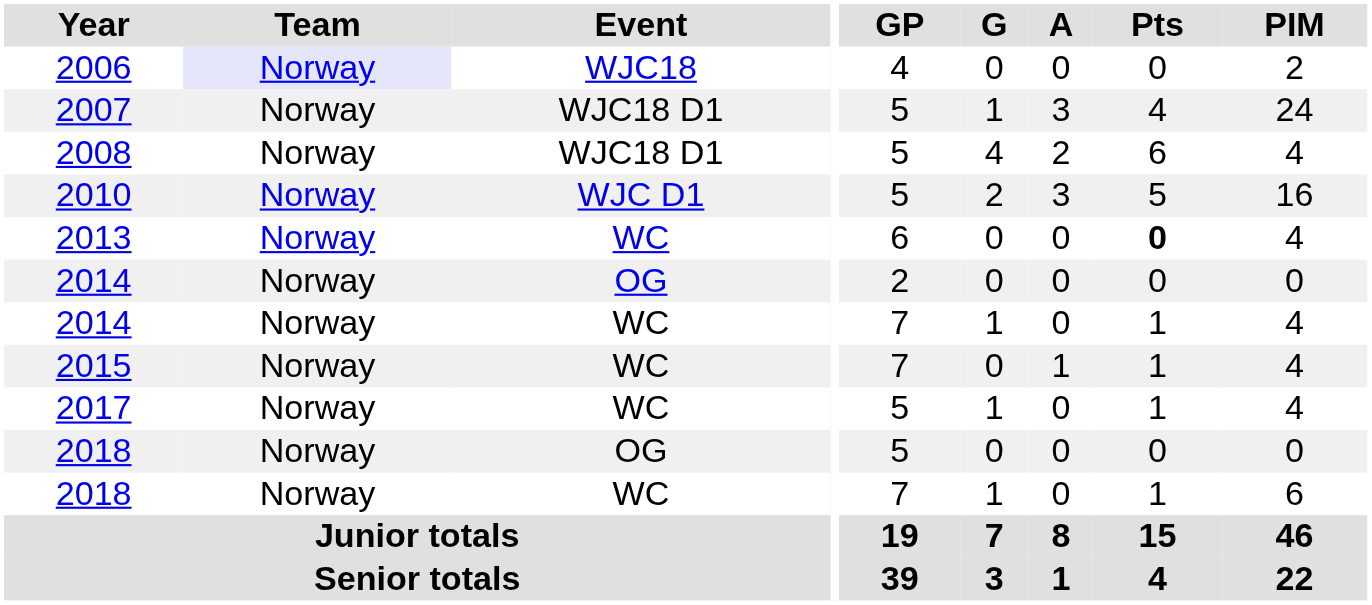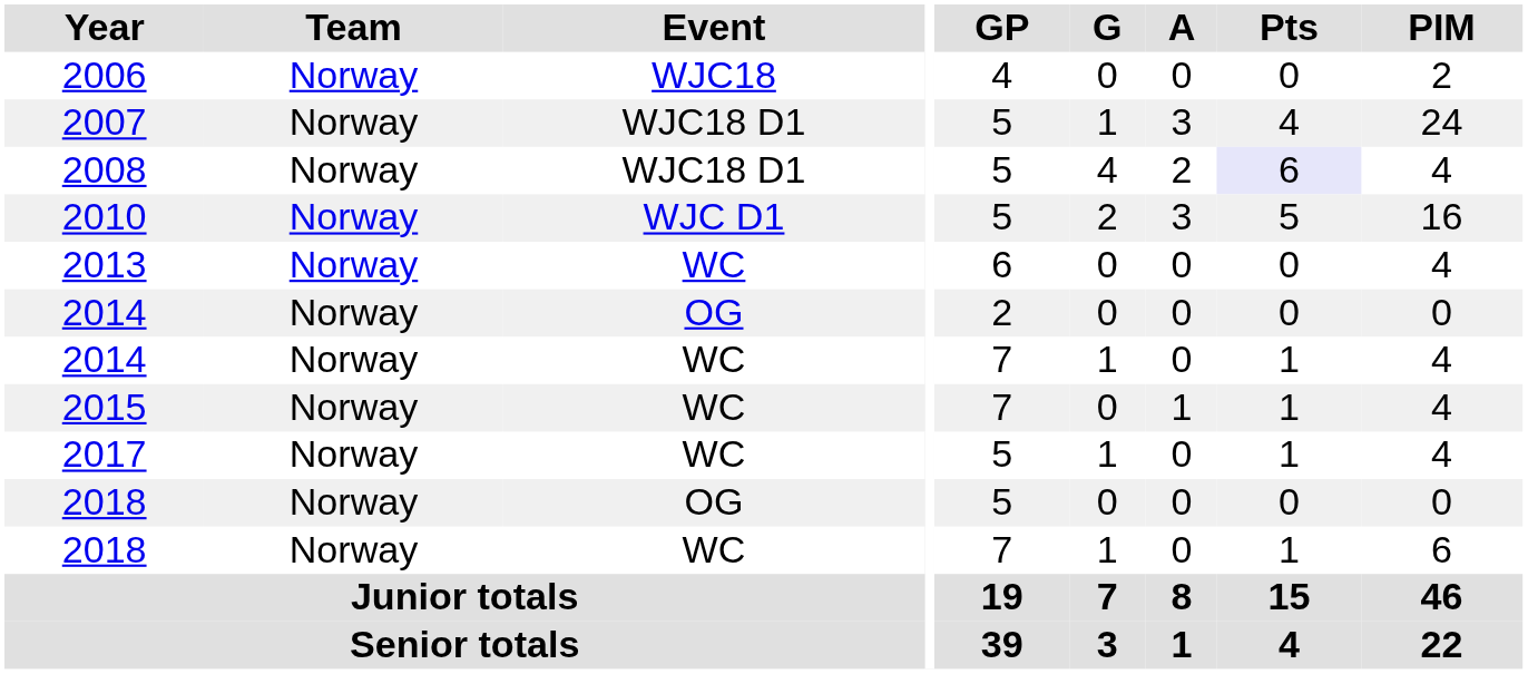 <table border="0" cellpadding="1" cellspacing="0" ID="Table3" style="text-align:center; width:40em">
 <tr ALIGN="center" bgcolor="#e0e0e0">
 <th>Year</th>
 <th>Team</th>
 <th>Event</th>
 <th rowspan="99" bgcolor="#ffffff"></th>
 <th>GP</th>
 <th>G</th>
 <th>A</th>
 <th>Pts</th>
 <th>PIM</th>
 </tr>
 <tr>
 <td><a href='#'>2006</a></td>
-<td style="background: lavender;"><a href='#'>Norway</a></td>
+<td><a href='#'>Norway</a></td>
 <td><a href='#'>WJC18</a></td>
 <td>4</td>
 <td>0</td>
 <td>0</td>
 <td>0</td>
 <td>2</td>
 </tr>
 <tr bgcolor="#f0f0f0">
 <td><a href='#'>2007</a></td>
 <td>Norway</td>
 <td>WJC18 D1</td>
 <td>5</td>
 <td>1</td>
 <td>3</td>
 <td>4</td>
 <td>24</td>
 </tr>
 <tr>
 <td><a href='#'>2008</a></td>
 <td>Norway</td>
 <td>WJC18 D1</td>
 <td>5</td>
 <td>4</td>
 <td>2</td>
-<td>6</td>
+<td style="background: lavender;">6</td>
 <td>4</td>
 </tr>
 <tr bgcolor="#f0f0f0">
 <td><a href='#'>2010</a></td>
 <td><a href='#'>Norway</a></td>
 <td><a href='#'>WJC D1</a></td>
 <td>5</td>
 <td>2</td>
 <td>3</td>
 <td>5</td>
 <td>16</td>
 </tr>
 <tr>
 <td><a href='#'>2013</a></td>
 <td><a href='#'>Norway</a></td>
 <td><a href='#'>WC</a></td>
 <td>6</td>
 <td>0</td>
 <td>0</td>
-<td><strong>0</strong></td>
+<td>0</td>
 <td>4</td>
 </tr>
 <tr bgcolor="#f0f0f0">
 <td><a href='#'>2014</a></td>
 <td>Norway</td>
 <td><a href='#'>OG</a></td>
 <td>2</td>
 <td>0</td>
 <td>0</td>
 <td>0</td>
 <td>0</td>
 </tr>
 <tr>
 <td><a href='#'>2014</a></td>
 <td>Norway</td>
 <td>WC</td>
 <td>7</td>
 <td>1</td>
 <td>0</td>
 <td>1</td>
 <td>4</td>
 </tr>
 <tr bgcolor="#f0f0f0">
 <td><a href='#'>2015</a></td>
 <td>Norway</td>
 <td>WC</td>
 <td>7</td>
 <td>0</td>
 <td>1</td>
 <td>1</td>
 <td>4</td>
 </tr>
 <tr>
 <td><a href='#'>2017</a></td>
 <td>Norway</td>
 <td>WC</td>
 <td>5</td>
 <td>1</td>
 <td>0</td>
 <td>1</td>
 <td>4</td>
 </tr>
 <tr bgcolor="#f0f0f0">
 <td><a href='#'>2018</a></td>
 <td>Norway</td>
 <td>OG</td>
 <td>5</td>
 <td>0</td>
 <td>0</td>
 <td>0</td>
 <td>0</td>
 </tr>
 <tr>
 <td><a href='#'>2018</a></td>
 <td>Norway</td>
 <td>WC</td>
 <td>7</td>
 <td>1</td>
 <td>0</td>
 <td>1</td>
 <td>6</td>
 </tr>
 <tr bgcolor="#e0e0e0">
 <th colspan=3>Junior totals</th>
 <th>19</th>
 <th>7</th>
 <th>8</th>
 <th>15</th>
 <th>46</th>
 </tr>
 <tr bgcolor="#e0e0e0">
 <th colspan=3>Senior totals</th>
 <th>39</th>
 <th>3</th>
 <th>1</th>
 <th>4</th>
 <th>22</th>
 </tr>
 </table>
